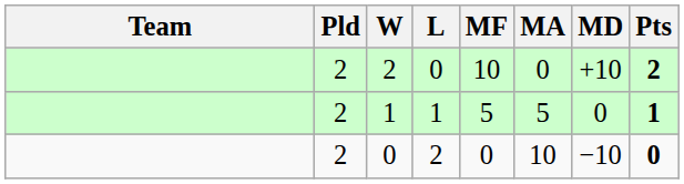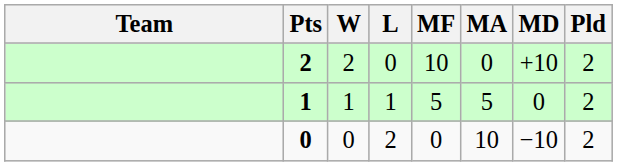 <table class=wikitable style="text-align:center">
 <tr>
 <th width=175>Team</th>
-<th width=20>Pld</th>
+<th width=20>Pts</th>
 <th width=20>W</th>
 <th width=20>L</th>
 <th width=20>MF</th>
 <th width=20>MA</th>
 <th width=20>MD</th>
-<th width=20>Pts</th>
+<th width=20>Pld</th>
 </tr>
 <tr bgcolor=ccffcc>
 <td align=left></td>
-<td>2</td>
+<td><strong>2</strong></td>
 <td>2</td>
 <td>0</td>
 <td>10</td>
 <td>0</td>
 <td>+10</td>
-<td><strong>2</strong></td>
+<td>2</td>
 </tr>
 <tr bgcolor=ccffcc>
 <td align=left></td>
-<td>2</td>
+<td><strong>1</strong></td>
 <td>1</td>
 <td>1</td>
 <td>5</td>
 <td>5</td>
 <td>0</td>
-<td><strong>1</strong></td>
+<td>2</td>
 </tr>
 <tr>
 <td align=left></td>
-<td>2</td>
+<td><strong>0</strong></td>
 <td>0</td>
 <td>2</td>
 <td>0</td>
 <td>10</td>
 <td>−10</td>
-<td><strong>0</strong></td>
+<td>2</td>
 </tr>
 </table>
